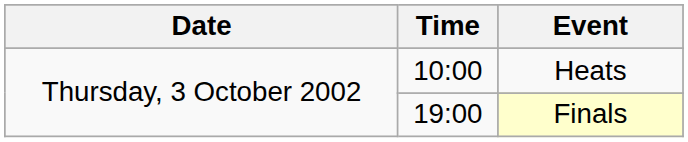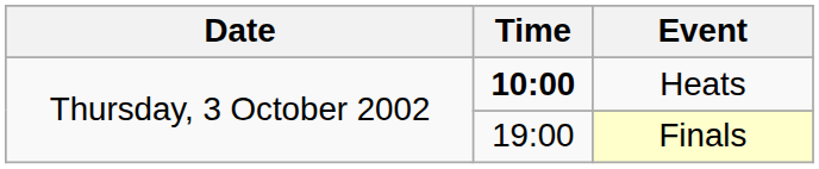 <table class = "wikitable" style="text-align:center;">
 <tr>
 <th width=220>Date</th>
 <th width=50>Time</th>
 <th width=100>Event</th>
 </tr>
 <tr>
 <td rowspan=2>Thursday, 3 October 2002</td>
-<td>10:00</td>
+<td><strong>10:00</strong></td>
 <td>Heats</td>
 </tr>
 <tr>
 <td>19:00</td>
 <td bgcolor=ffffcc>Finals</td>
 </tr>
 </table>
